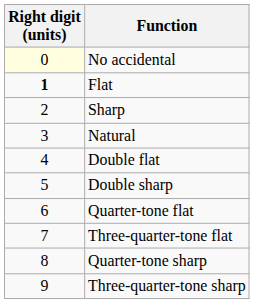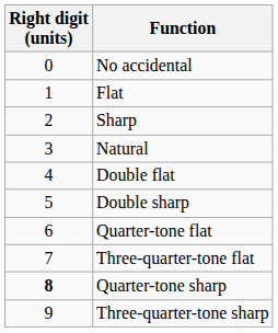 <table class="wikitable" style="text-align: left">
 <tr>
 <th>Right digit<br>(units)</th>
 <th>Function</th>
 </tr>
 <tr>
-<td style="background: lightyellow; text-align: center">0</td>
+<td style="text-align: center">0</td>
 <td>No accidental</td>
 </tr>
 <tr>
-<td style="text-align: center"><strong>1</strong></td>
+<td style="text-align: center">1</td>
 <td>Flat</td>
 </tr>
 <tr>
 <td style="text-align: center">2</td>
 <td>Sharp</td>
 </tr>
 <tr>
 <td style="text-align: center">3</td>
 <td>Natural</td>
 </tr>
 <tr>
 <td style="text-align: center">4</td>
 <td>Double flat</td>
 </tr>
 <tr>
 <td style="text-align: center">5</td>
 <td>Double sharp</td>
 </tr>
 <tr>
 <td style="text-align: center">6</td>
 <td>Quarter-tone flat</td>
 </tr>
 <tr>
 <td style="text-align: center">7</td>
 <td>Three-quarter-tone flat</td>
 </tr>
 <tr>
-<td style="text-align: center">8</td>
+<td style="text-align: center"><strong>8</strong></td>
 <td>Quarter-tone sharp</td>
 </tr>
 <tr>
 <td style="text-align: center">9</td>
 <td>Three-quarter-tone sharp</td>
 </tr>
 </table>
